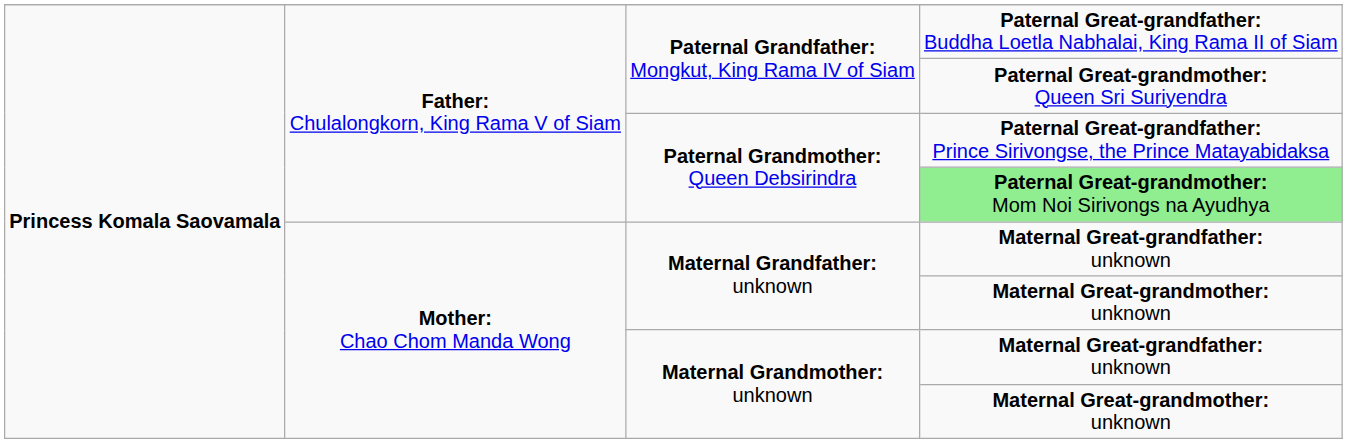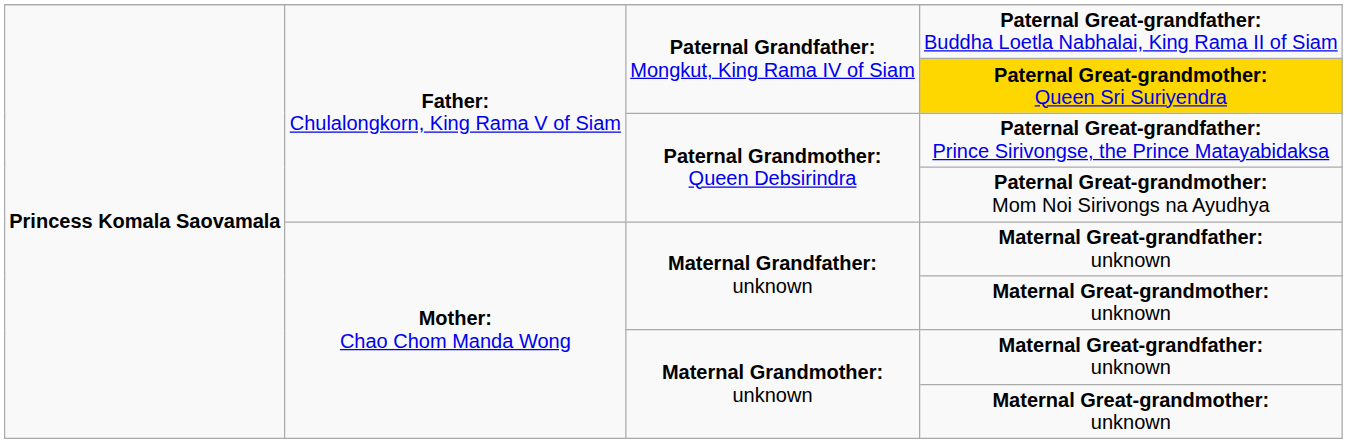 <table class="wikitable">
 <tr>
 </tr>
 <tr>
 <td rowspan="8" align="center"><strong>Princess Komala Saovamala</strong></td>
 <td rowspan="4" align="center"><strong>Father:</strong><br><a href='#'>Chulalongkorn, King Rama V of Siam</a></td>
 <td rowspan="2" align="center"><strong>Paternal Grandfather:</strong><br><a href='#'>Mongkut, King Rama IV of Siam</a></td>
 <td align = "center"><strong>Paternal Great-grandfather:</strong><br><a href='#'>Buddha Loetla Nabhalai, King Rama II of Siam</a></td>
 </tr>
 <tr>
-<td align = "center"><strong>Paternal Great-grandmother:</strong><br><a href='#'>Queen Sri Suriyendra</a></td>
+<td align = "center" style="background: gold;"><strong>Paternal Great-grandmother:</strong><br><a href='#'>Queen Sri Suriyendra</a></td>
 </tr>
 <tr>
 <td rowspan="2" align="center"><strong>Paternal Grandmother:</strong><br><a href='#'>Queen Debsirindra</a></td>
 <td align = "center"><strong>Paternal Great-grandfather:</strong><br><a href='#'>Prince Sirivongse, the Prince Matayabidaksa</a></td>
 </tr>
 <tr>
-<td align = "center" style="background: lightgreen;"><strong>Paternal Great-grandmother:</strong><br>Mom Noi Sirivongs na Ayudhya</td>
+<td align = "center"><strong>Paternal Great-grandmother:</strong><br>Mom Noi Sirivongs na Ayudhya</td>
 </tr>
 <tr>
 <td rowspan="4" align="center"><strong>Mother:</strong><br><a href='#'>Chao Chom Manda Wong</a></td>
 <td rowspan="2" align="center"><strong>Maternal Grandfather:</strong><br>unknown</td>
 <td align = "center"><strong>Maternal Great-grandfather:</strong><br>unknown</td>
 </tr>
 <tr>
 <td align = "center"><strong>Maternal Great-grandmother:</strong><br>unknown</td>
 </tr>
 <tr>
 <td rowspan="2" align="center"><strong>Maternal Grandmother:</strong><br>unknown</td>
 <td align = "center"><strong>Maternal Great-grandfather:</strong><br>unknown</td>
 </tr>
 <tr>
 <td align = "center"><strong>Maternal Great-grandmother:</strong><br>unknown</td>
 </tr>
 </table>
